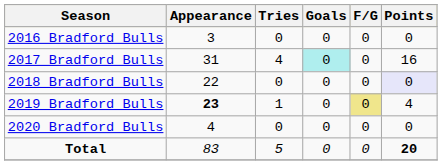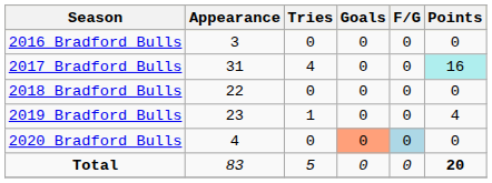 <table class="wikitable" style="text-align:center;">
 <tr bgcolor=#bdb76b>
 <th>Season</th>
 <th>Appearance</th>
 <th>Tries</th>
 <th>Goals</th>
 <th>F/G</th>
 <th>Points</th>
 </tr>
 <tr>
 <td><a href='#'>2016 Bradford Bulls</a></td>
 <td>3</td>
 <td>0</td>
 <td>0</td>
 <td>0</td>
 <td>0</td>
 </tr>
 <tr>
 <td><a href='#'>2017 Bradford Bulls</a></td>
 <td>31</td>
 <td>4</td>
-<td style="background: paleturquoise;">0</td>
 <td>0</td>
-<td>16</td>
+<td>0</td>
+<td style="background: paleturquoise;">16</td>
 </tr>
 <tr>
 <td><a href='#'>2018 Bradford Bulls</a></td>
 <td>22</td>
 <td>0</td>
 <td>0</td>
 <td>0</td>
-<td style="background: lavender;">0</td>
+<td>0</td>
 </tr>
 <tr>
 <td><a href='#'>2019 Bradford Bulls</a></td>
-<td><strong>23</strong></td>
+<td>23</td>
 <td>1</td>
 <td>0</td>
-<td style="background: khaki;">0</td>
+<td>0</td>
 <td>4</td>
 </tr>
 <tr>
 <td><a href='#'>2020 Bradford Bulls</a></td>
 <td>4</td>
 <td>0</td>
-<td>0</td>
-<td>0</td>
+<td style="background: lightsalmon;">0</td>
+<td style="background: lightblue;">0</td>
 <td>0</td>
 </tr>
 <tr>
 <td><strong>Total</strong></td>
 <td><em>83</em></td>
 <td><em>5</em></td>
 <td><em>0</em></td>
 <td><em>0</em></td>
 <td><strong>20</strong></td>
 </tr>
 <tr>
 </tr>
 </table>
